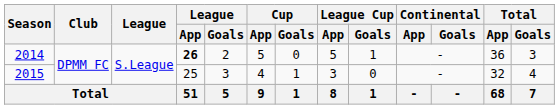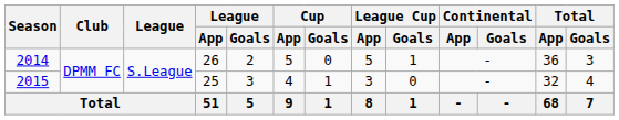 <table class="wikitable">
 <tr>
 <th rowspan=2>Season</th>
 <th ! rowspan=2>Club</th>
 <th ! rowspan=2>League</th>
 <th ! colspan=2>League</th>
 <th ! colspan=2>Cup</th>
 <th ! colspan=2>League Cup</th>
 <th ! colspan=2>Continental</th>
 <th colspan=3>Total</th>
 </tr>
 <tr>
 <th>App</th>
 <th>Goals</th>
 <th>App</th>
 <th>Goals</th>
 <th>App</th>
 <th>Goals</th>
 <th>App</th>
 <th>Goals</th>
 <th>App</th>
 <th>Goals</th>
 </tr>
 <tr align=center>
 <td><a href='#'>2014</a></td>
 <td rowspan="2"><a href='#'>DPMM FC</a></td>
 <td rowspan="2"><a href='#'>S.League</a></td>
-<td><strong>26</strong></td>
+<td>26</td>
 <td>2</td>
 <td>5</td>
 <td>0</td>
 <td>5</td>
 <td>1</td>
 <td colspan="2">-</td>
 <td>36</td>
 <td>3</td>
 </tr>
 <tr align=center>
 <td><a href='#'>2015</a></td>
 <td>25</td>
 <td>3</td>
 <td>4</td>
 <td>1</td>
 <td>3</td>
 <td>0</td>
 <td colspan="2">-</td>
 <td>32</td>
 <td>4</td>
 </tr>
 <tr align=center>
 <th colspan="3">Total</th>
 <th>51</th>
 <th>5</th>
 <th>9</th>
 <th>1</th>
 <th>8</th>
 <th>1</th>
 <th>-</th>
 <th>-</th>
 <th>68</th>
 <th>7</th>
 </tr>
 </table>
